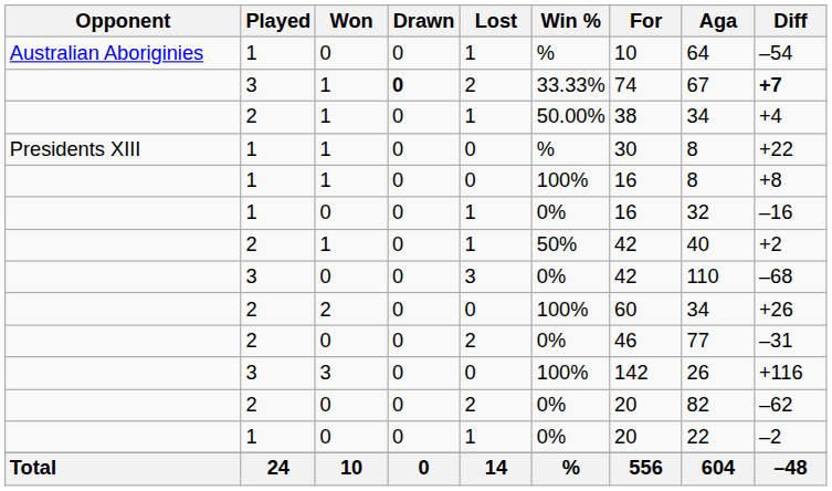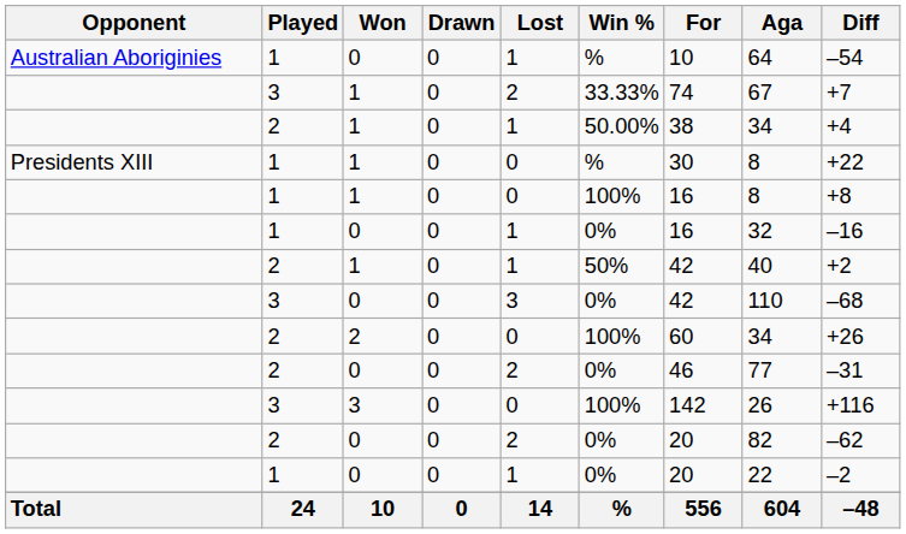 <table class="wikitable sortable" style="font-size:100%">
 <tr>
 <th style="width:180px;">Opponent</th>
 <th style="width:50px;">Played</th>
 <th style="width:50px;">Won</th>
 <th style="width:50px;">Drawn</th>
 <th style="width:50px;">Lost</th>
 <th style="width:50px;">Win %</th>
 <th style="width:50px;">For</th>
 <th style="width:50px;">Aga</th>
 <th style="width:50px;">Diff</th>
 </tr>
 <tr>
 <td> <a href='#'>Australian Aboriginies</a></td>
 <td>1</td>
 <td>0</td>
 <td>0</td>
 <td>1</td>
 <td>%</td>
 <td>10</td>
 <td>64</td>
 <td>–54</td>
 </tr>
 <tr>
 <td style="text-align:left;"></td>
 <td>3</td>
 <td>1</td>
-<td><strong>0</strong></td>
+<td>0</td>
 <td>2</td>
 <td>33.33%</td>
 <td>74</td>
 <td>67</td>
-<td><strong>+7</strong></td>
+<td>+7</td>
 </tr>
 <tr>
 <td style="text-align:left;"></td>
 <td>2</td>
 <td>1</td>
 <td>0</td>
 <td>1</td>
 <td>50.00%</td>
 <td>38</td>
 <td>34</td>
 <td>+4</td>
 </tr>
 <tr>
 <td> Presidents XIII</td>
 <td>1</td>
 <td>1</td>
 <td>0</td>
 <td>0</td>
 <td>%</td>
 <td>30</td>
 <td>8</td>
 <td>+22</td>
 </tr>
 <tr>
 <td style="text-align:left;"></td>
 <td>1</td>
 <td>1</td>
 <td>0</td>
 <td>0</td>
 <td>100%</td>
 <td>16</td>
 <td>8</td>
 <td>+8</td>
 </tr>
 <tr>
 <td style="text-align:left;"></td>
 <td>1</td>
 <td>0</td>
 <td>0</td>
 <td>1</td>
 <td>0%</td>
 <td>16</td>
 <td>32</td>
 <td>–16</td>
 </tr>
 <tr>
 <td style="text-align:left;"></td>
 <td>2</td>
 <td>1</td>
 <td>0</td>
 <td>1</td>
 <td>50%</td>
 <td>42</td>
 <td>40</td>
 <td>+2</td>
 </tr>
 <tr>
 <td style="text-align:left;"></td>
 <td>3</td>
 <td>0</td>
 <td>0</td>
 <td>3</td>
 <td>0%</td>
 <td>42</td>
 <td>110</td>
 <td>–68</td>
 </tr>
 <tr>
 <td style="text-align:left;"></td>
 <td>2</td>
 <td>2</td>
 <td>0</td>
 <td>0</td>
 <td>100%</td>
 <td>60</td>
 <td>34</td>
 <td>+26</td>
 </tr>
 <tr>
 <td style="text-align:left;"></td>
 <td>2</td>
 <td>0</td>
 <td>0</td>
 <td>2</td>
 <td>0%</td>
 <td>46</td>
 <td>77</td>
 <td>–31</td>
 </tr>
 <tr>
 <td style="text-align:left;"></td>
 <td>3</td>
 <td>3</td>
 <td>0</td>
 <td>0</td>
 <td>100%</td>
 <td>142</td>
 <td>26</td>
 <td>+116</td>
 </tr>
 <tr>
 <td style="text-align:left;"></td>
 <td>2</td>
 <td>0</td>
 <td>0</td>
 <td>2</td>
 <td>0%</td>
 <td>20</td>
 <td>82</td>
 <td>–62</td>
 </tr>
 <tr>
 <td style="text-align:left;"></td>
 <td>1</td>
 <td>0</td>
 <td>0</td>
 <td>1</td>
 <td>0%</td>
 <td>20</td>
 <td>22</td>
 <td>–2</td>
 </tr>
 <tr>
 </tr>
 <tr>
 <th style="text-align:left;"><strong>Total</strong></th>
 <th><strong>24</strong></th>
 <th><strong>10</strong></th>
 <th><strong>0</strong></th>
 <th><strong>14</strong></th>
 <th><strong>%</strong></th>
 <th><strong>556</strong></th>
 <th><strong>604</strong></th>
 <th><strong>–48</strong></th>
 </tr>
 </table>
